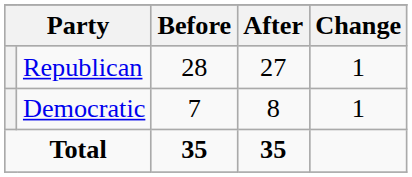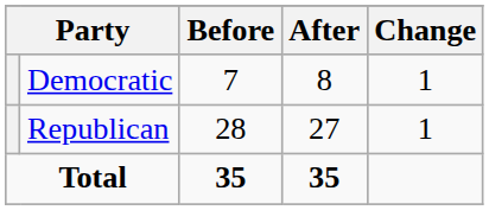 <table class="wikitable" style="text-align:center;">
 <tr>
 </tr>
 <tr>
 <th colspan=2>Party</th>
 <th>Before</th>
 <th>After</th>
 <th>Change</th>
 </tr>
 <tr>
 <th style="background-color:"></th>
-<td style="text-align:left;"><a href='#'>Republican</a></td>
-<td>28</td>
-<td>27</td>
+<td style="text-align:left;"><a href='#'>Democratic</a></td>
+<td>7</td>
+<td>8</td>
 <td> 1</td>
 </tr>
 <tr>
 <th style="background-color:"></th>
-<td style="text-align:left;"><a href='#'>Democratic</a></td>
-<td>7</td>
-<td>8</td>
+<td style="text-align:left;"><a href='#'>Republican</a></td>
+<td>28</td>
+<td>27</td>
 <td> 1</td>
 </tr>
 <tr>
 <td colspan=2><strong>Total</strong></td>
 <td><strong>35</strong></td>
 <td><strong>35</strong></td>
 <td></td>
 </tr>
 </table>
